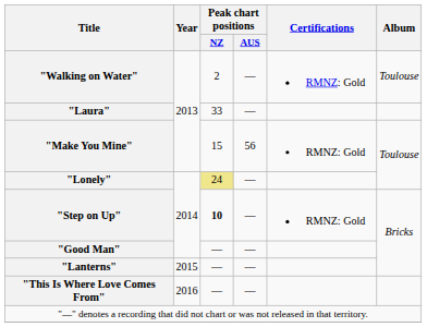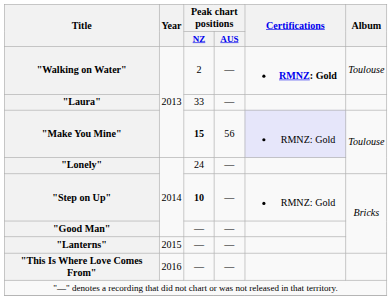 <table class="wikitable plainrowheaders" style="text-align:center;" border="1">
 <tr>
 <th scope="col" rowspan="2" style="width:16em;">Title</th>
 <th scope="col" rowspan="2">Year</th>
 <th scope="col" colspan="2">Peak chart positions</th>
 <th scope="col" rowspan="2" style="width:10em;"><a href='#'>Certifications</a></th>
 <th scope="col" rowspan="2">Album</th>
 </tr>
 <tr>
 <th scope="col" style="width:3em;font-size:90%;"><a href='#'>NZ</a><br></th>
 <th scope="col" style="width:3em;font-size:90%;"><a href='#'>AUS</a><br></th>
 </tr>
 <tr>
 <th scope="row">"Walking on Water"</th>
 <td rowspan="3">2013</td>
 <td>2</td>
 <td>—</td>
-<td><br><ul><li><a href='#'>RMNZ</a>: Gold</li></ul></td>
+<td><strong><br><ul><li><a href='#'>RMNZ</a>: Gold</li></ul></strong></td>
 <td><em>Toulouse</em></td>
 </tr>
 <tr>
 <th scope="row">"Laura" </th>
 <td>33</td>
 <td>—</td>
 <td></td>
 <td></td>
 </tr>
 <tr>
 <th scope="row">"Make You Mine"</th>
-<td>15</td>
+<td><strong>15</strong></td>
 <td>56</td>
-<td><br><ul><li>RMNZ: Gold</li></ul></td>
+<td style="background: lavender;"><br><ul><li>RMNZ: Gold</li></ul></td>
 <td rowspan="2"><em>Toulouse</em></td>
 </tr>
 <tr>
 <th scope="row">"Lonely"</th>
 <td rowspan="3">2014</td>
-<td style="background: khaki;">24</td>
+<td>24</td>
 <td>—</td>
 <td></td>
 </tr>
 <tr>
 <th scope="row">"Step on Up"</th>
 <td><strong>10</strong></td>
 <td>—</td>
 <td><br><ul><li>RMNZ: Gold</li></ul></td>
 <td rowspan="3"><em>Bricks</em></td>
 </tr>
 <tr>
 <th scope="row">"Good Man"</th>
 <td>—</td>
 <td>—</td>
 <td></td>
 </tr>
 <tr>
 <th scope="row">"Lanterns"</th>
 <td>2015</td>
 <td>—</td>
 <td>—</td>
 <td></td>
 </tr>
 <tr>
 <th scope="row">"This Is Where Love Comes From"</th>
 <td>2016</td>
 <td>—</td>
 <td>—</td>
 <td></td>
 <td></td>
 </tr>
 <tr>
 <td colspan="6" style="font-size:90%">"—" denotes a recording that did not chart or was not released in that territory.</td>
 </tr>
 <tr>
 </tr>
 </table>
